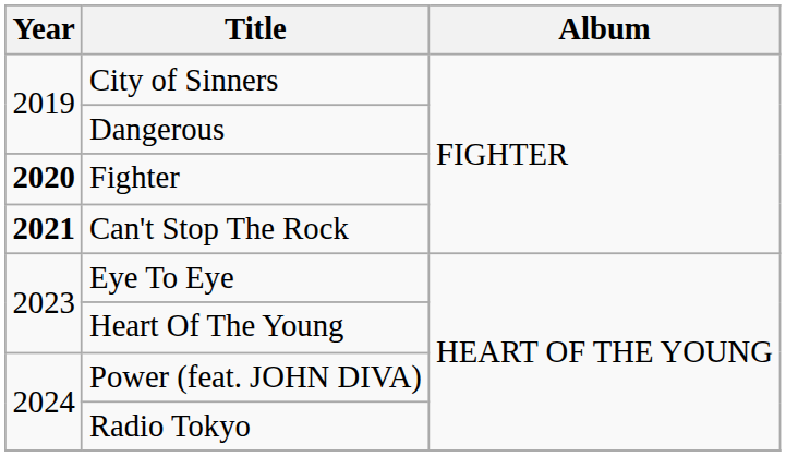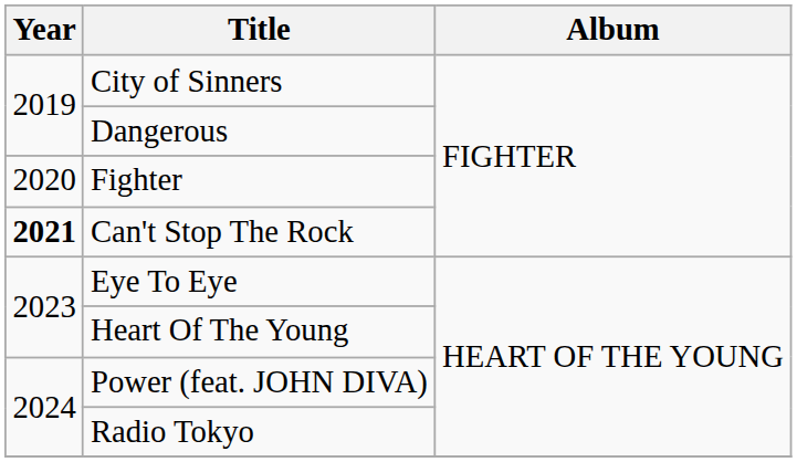 <table class="wikitable">
 <tr>
 <th>Year</th>
 <th>Title</th>
 <th>Album</th>
 </tr>
 <tr>
 <td rowspan="2">2019</td>
 <td>City of Sinners</td>
 <td rowspan="4">FIGHTER</td>
 </tr>
 <tr>
 <td>Dangerous</td>
 </tr>
 <tr>
-<td><strong>2020</strong></td>
+<td>2020</td>
 <td>Fighter</td>
 </tr>
 <tr>
 <td><strong>2021</strong></td>
 <td>Can't Stop The Rock</td>
 </tr>
 <tr>
 <td rowspan="2">2023</td>
 <td>Eye To Eye</td>
 <td rowspan="4">HEART OF THE YOUNG</td>
 </tr>
 <tr>
 <td>Heart Of The Young</td>
 </tr>
 <tr>
 <td rowspan="2">2024</td>
 <td>Power (feat. JOHN DIVA)</td>
 </tr>
 <tr>
 <td>Radio Tokyo</td>
 </tr>
 <tr>
 </tr>
 </table>
